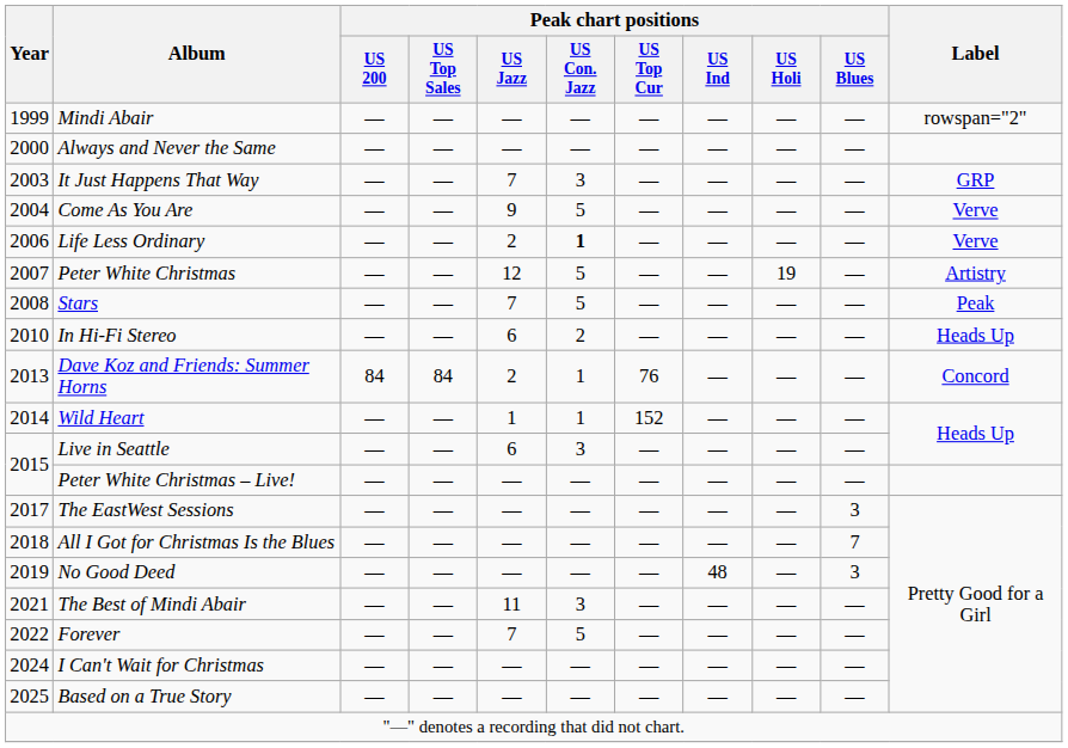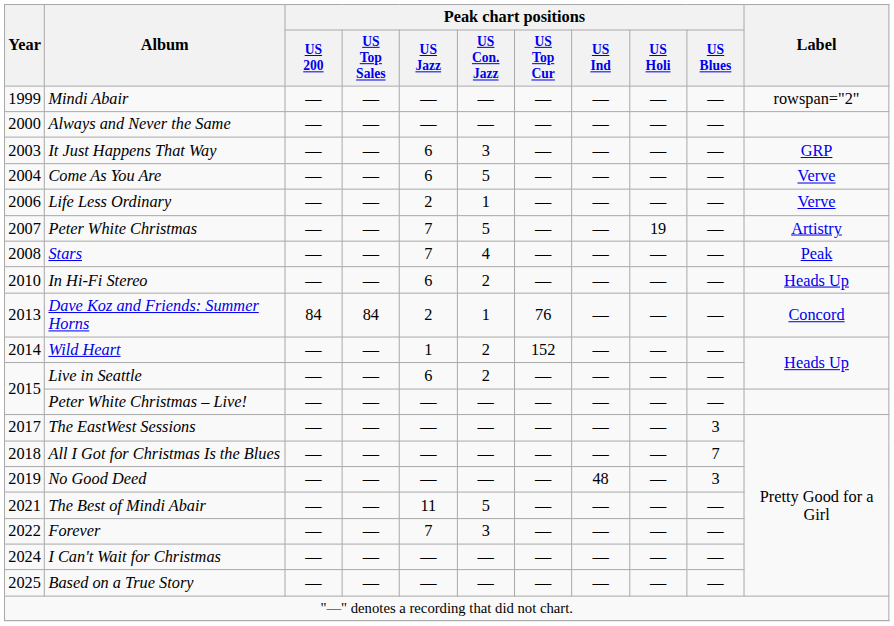 <table class="wikitable" style="text-align:center;">
 <tr>
 <th rowspan="2">Year</th>
 <th rowspan="2">Album</th>
 <th colspan="8">Peak chart positions</th>
 <th rowspan="2">Label</th>
 </tr>
 <tr style="font-size:smaller;">
 <th style="width:50px;"><a href='#'>US<br>200</a><br></th>
 <th style="width:50px;"><a href='#'>US<br>Top<br>Sales</a><br></th>
 <th style="width:50px;"><a href='#'>US<br>Jazz</a><br></th>
 <th style="width:50px;"><a href='#'>US<br>Con.<br>Jazz</a><br></th>
 <th style="width:50px;"><a href='#'>US<br>Top<br>Cur</a><br></th>
 <th style="width:50px;"><a href='#'>US<br>Ind</a><br></th>
 <th style="width:50px;"><a href='#'>US<br>Holi</a><br></th>
 <th style="width:50px;"><a href='#'>US<br>Blues</a><br></th>
 </tr>
 <tr>
 <td>1999</td>
 <td align="left"><em>Mindi Abair</em></td>
 <td>—</td>
 <td>—</td>
 <td>—</td>
 <td>—</td>
 <td>—</td>
 <td>—</td>
 <td>—</td>
 <td>—</td>
 <td>rowspan="2" </td>
 </tr>
 <tr>
 <td>2000</td>
 <td align="left"><em>Always and Never the Same</em></td>
 <td>—</td>
 <td>—</td>
 <td>—</td>
 <td>—</td>
 <td>—</td>
 <td>—</td>
 <td>—</td>
 <td>—</td>
 </tr>
 <tr>
 <td>2003</td>
 <td align="left"><em>It Just Happens That Way</em></td>
 <td>—</td>
 <td>—</td>
-<td>7</td>
+<td>6</td>
 <td>3</td>
 <td>—</td>
 <td>—</td>
 <td>—</td>
 <td>—</td>
 <td><a href='#'>GRP</a></td>
 </tr>
 <tr>
 <td>2004</td>
 <td align="left"><em>Come As You Are</em></td>
 <td>—</td>
 <td>—</td>
-<td>9</td>
+<td>6</td>
 <td>5</td>
 <td>—</td>
 <td>—</td>
 <td>—</td>
 <td>—</td>
 <td><a href='#'>Verve</a></td>
 </tr>
 <tr>
 <td>2006</td>
 <td align="left"><em>Life Less Ordinary</em></td>
 <td>—</td>
 <td>—</td>
 <td>2</td>
-<td><strong>1</strong></td>
+<td>1</td>
 <td>—</td>
 <td>—</td>
 <td>—</td>
 <td>—</td>
 <td><a href='#'>Verve</a></td>
 </tr>
 <tr>
 <td>2007</td>
 <td align="left"><em>Peter White Christmas</em> <br></td>
 <td>—</td>
 <td>—</td>
-<td>12</td>
+<td>7</td>
 <td>5</td>
 <td>—</td>
 <td>—</td>
 <td>19</td>
 <td>—</td>
 <td><a href='#'>Artistry</a></td>
 </tr>
 <tr>
 <td>2008</td>
 <td align="left"><em><a href='#'>Stars</a></em></td>
 <td>—</td>
 <td>—</td>
 <td>7</td>
-<td>5</td>
+<td>4</td>
 <td>—</td>
 <td>—</td>
 <td>—</td>
 <td>—</td>
 <td><a href='#'>Peak</a></td>
 </tr>
 <tr>
 <td>2010</td>
 <td align="left"><em>In Hi-Fi Stereo</em></td>
 <td>—</td>
 <td>—</td>
 <td>6</td>
 <td>2</td>
 <td>—</td>
 <td>—</td>
 <td>—</td>
 <td>—</td>
 <td><a href='#'>Heads Up</a></td>
 </tr>
 <tr>
 <td>2013</td>
 <td align="left"><em><a href='#'>Dave Koz and Friends: Summer Horns</a></em> <br></td>
 <td>84</td>
 <td>84</td>
 <td>2</td>
 <td>1</td>
 <td>76</td>
 <td>—</td>
 <td>—</td>
 <td>—</td>
 <td><a href='#'>Concord</a></td>
 </tr>
 <tr>
 <td>2014</td>
 <td align="left"><em><a href='#'>Wild Heart</a></em></td>
 <td>—</td>
 <td>—</td>
 <td>1</td>
-<td>1</td>
+<td>2</td>
 <td>152</td>
 <td>—</td>
 <td>—</td>
 <td>—</td>
 <td rowspan="2"><a href='#'>Heads Up</a></td>
 </tr>
 <tr>
 <td rowspan="2">2015</td>
 <td align="left"><em>Live in Seattle</em> <br></td>
 <td>—</td>
 <td>—</td>
 <td>6</td>
-<td>3</td>
+<td>2</td>
 <td>—</td>
 <td>—</td>
 <td>—</td>
 <td>—</td>
 </tr>
 <tr>
 <td align="left"><em>Peter White Christmas – Live!</em> <br></td>
 <td>—</td>
 <td>—</td>
 <td>—</td>
 <td>—</td>
 <td>—</td>
 <td>—</td>
 <td>—</td>
 <td>—</td>
 <td></td>
 </tr>
 <tr>
 <td>2017</td>
 <td align="left"><em>The EastWest Sessions</em> <br></td>
 <td>—</td>
 <td>—</td>
 <td>—</td>
 <td>—</td>
 <td>—</td>
 <td>—</td>
 <td>—</td>
 <td>3</td>
 <td rowspan="7">Pretty Good for a Girl</td>
 </tr>
 <tr>
 <td>2018</td>
 <td align="left"><em>All I Got for Christmas Is the Blues</em> <br></td>
 <td>—</td>
 <td>—</td>
 <td>—</td>
 <td>—</td>
 <td>—</td>
 <td>—</td>
 <td>—</td>
 <td>7</td>
 </tr>
 <tr>
 <td>2019</td>
 <td align="left"><em>No Good Deed</em> <br></td>
 <td>—</td>
 <td>—</td>
 <td>—</td>
 <td>—</td>
 <td>—</td>
 <td>48</td>
 <td>—</td>
 <td>3</td>
 </tr>
 <tr>
 <td>2021</td>
 <td align="left"><em>The Best of Mindi Abair</em></td>
 <td>—</td>
 <td>—</td>
 <td>11</td>
-<td>3</td>
+<td>5</td>
 <td>—</td>
 <td>—</td>
 <td>—</td>
 <td>—</td>
 </tr>
 <tr>
 <td>2022</td>
 <td align="left"><em>Forever</em></td>
 <td>—</td>
 <td>—</td>
 <td>7</td>
-<td>5</td>
+<td>3</td>
 <td>—</td>
 <td>—</td>
 <td>—</td>
 <td>—</td>
 </tr>
 <tr>
 <td>2024</td>
 <td align="left"><em>I Can't Wait for Christmas</em> <br></td>
 <td>—</td>
 <td>—</td>
 <td>—</td>
 <td>—</td>
 <td>—</td>
 <td>—</td>
 <td>—</td>
 <td>—</td>
 </tr>
 <tr>
 <td>2025</td>
 <td align="left"><em>Based on a True Story</em></td>
 <td>—</td>
 <td>—</td>
 <td>—</td>
 <td>—</td>
 <td>—</td>
 <td>—</td>
 <td>—</td>
 <td>—</td>
 </tr>
 <tr>
 <td colspan="11" style="font-size:90%">"—" denotes a recording that did not chart.</td>
 </tr>
 <tr>
 </tr>
 </table>
